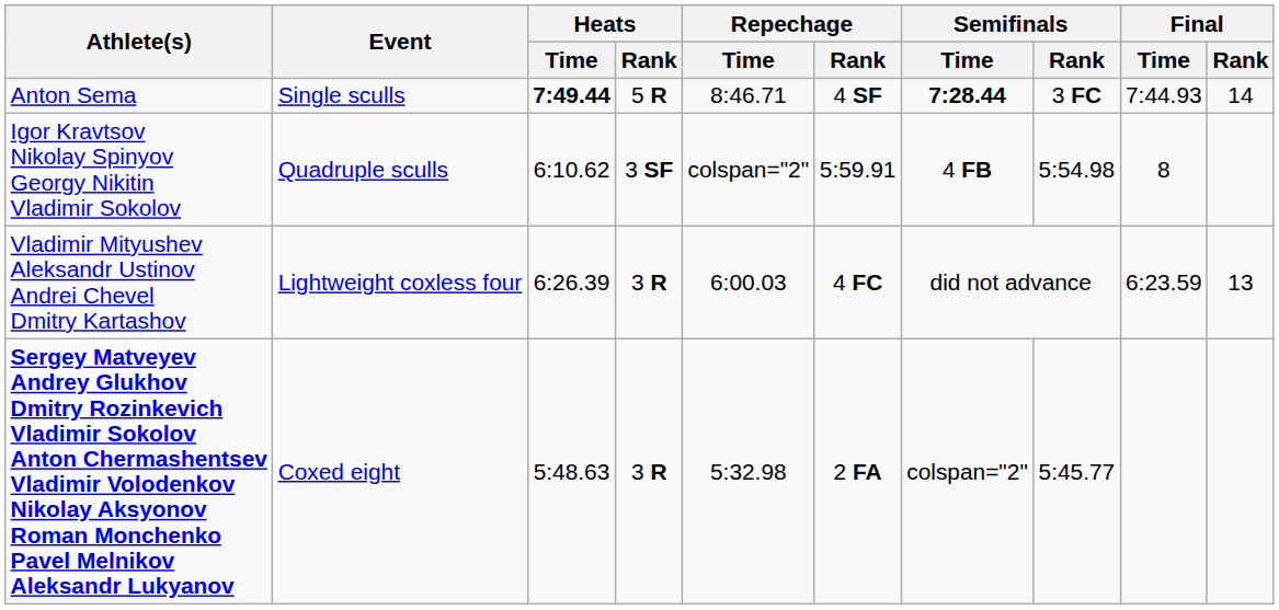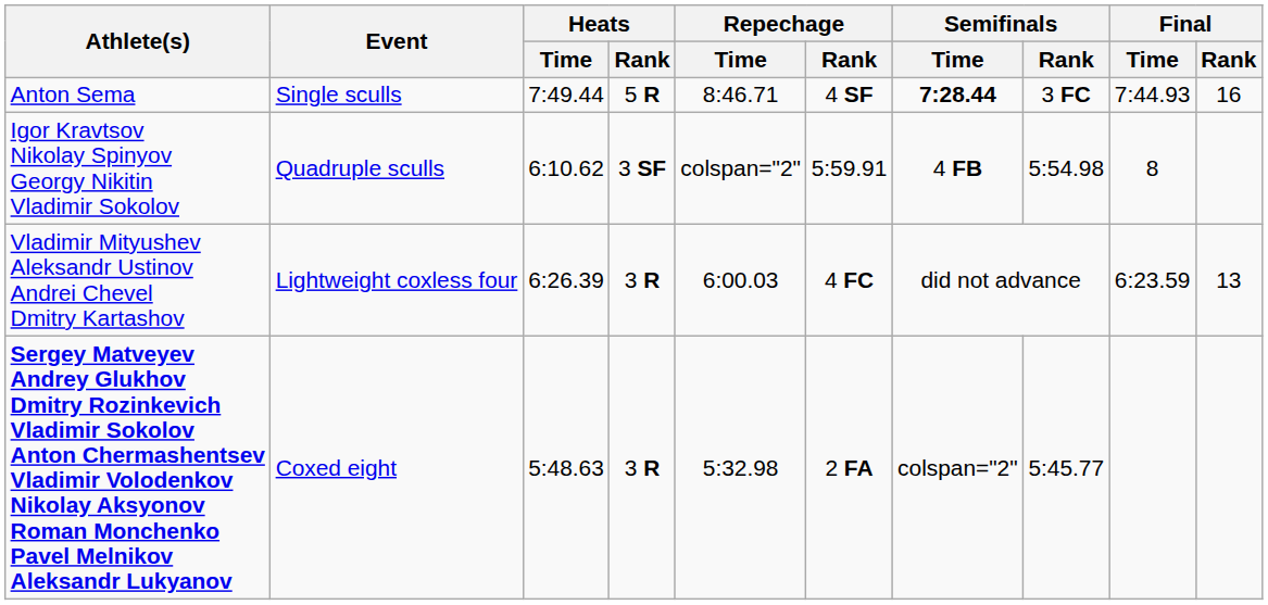 <table class="wikitable" style="font-size:90%">
 <tr>
 <th rowspan="2">Athlete(s)</th>
 <th rowspan="2">Event</th>
 <th colspan="2">Heats</th>
 <th colspan="2">Repechage</th>
 <th colspan="2">Semifinals</th>
 <th colspan="2">Final</th>
 </tr>
 <tr>
 <th>Time</th>
 <th>Rank</th>
 <th>Time</th>
 <th>Rank</th>
 <th>Time</th>
 <th>Rank</th>
 <th>Time</th>
 <th>Rank</th>
 </tr>
 <tr align=center>
 <td align=left><a href='#'>Anton Sema</a></td>
 <td align=left><a href='#'>Single sculls</a></td>
-<td><strong>7:49.44</strong></td>
+<td>7:49.44</td>
 <td>5 <strong>R</strong></td>
 <td>8:46.71</td>
 <td>4 <strong>SF</strong></td>
 <td><strong>7:28.44</strong></td>
 <td>3 <strong>FC</strong></td>
 <td>7:44.93</td>
-<td>14</td>
+<td>16</td>
 </tr>
 <tr align=center>
 <td align=left><a href='#'>Igor Kravtsov</a><br><a href='#'>Nikolay Spinyov</a><br><a href='#'>Georgy Nikitin</a><br><a href='#'>Vladimir Sokolov</a></td>
 <td align=left><a href='#'>Quadruple sculls</a></td>
 <td>6:10.62</td>
 <td>3 <strong>SF</strong></td>
 <td>colspan="2" </td>
 <td>5:59.91</td>
 <td>4 <strong>FB</strong></td>
 <td>5:54.98</td>
 <td>8</td>
 </tr>
 <tr align=center>
 <td align=left><a href='#'>Vladimir Mityushev</a><br><a href='#'>Aleksandr Ustinov</a><br><a href='#'>Andrei Chevel</a><br><a href='#'>Dmitry Kartashov</a></td>
 <td align=left><a href='#'>Lightweight coxless four</a></td>
 <td>6:26.39</td>
 <td>3 <strong>R</strong></td>
 <td>6:00.03</td>
 <td>4 <strong>FC</strong></td>
 <td colspan="2">did not advance</td>
 <td>6:23.59</td>
 <td>13</td>
 </tr>
 <tr align=center>
 <td align=left><strong><a href='#'>Sergey Matveyev</a><br><a href='#'>Andrey Glukhov</a> <br><a href='#'>Dmitry Rozinkevich</a><br><a href='#'>Vladimir Sokolov</a><br><a href='#'>Anton Chermashentsev</a><br><a href='#'>Vladimir Volodenkov</a><br><a href='#'>Nikolay Aksyonov</a><br><a href='#'>Roman Monchenko</a><br><a href='#'>Pavel Melnikov</a><br><a href='#'>Aleksandr Lukyanov</a></strong></td>
 <td align=left><a href='#'>Coxed eight</a></td>
 <td>5:48.63</td>
 <td>3 <strong>R</strong></td>
 <td>5:32.98</td>
 <td>2 <strong>FA</strong></td>
 <td>colspan="2" </td>
 <td>5:45.77</td>
 <td></td>
 </tr>
 </table>
